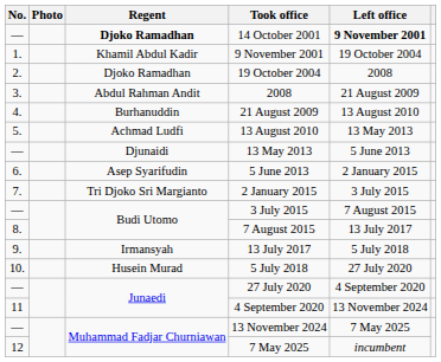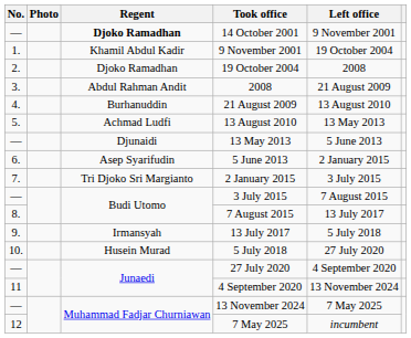 <table class="wikitable" style="text-align:center">
 <tr>
 <th>No.</th>
 <th>Photo</th>
 <th>Regent</th>
 <th>Took office</th>
 <th>Left office</th>
 <th></th>
 </tr>
 <tr>
 <td>—</td>
 <td></td>
 <td><strong>Djoko Ramadhan</strong></td>
 <td>14 October 2001</td>
-<td><strong>9 November 2001</strong></td>
+<td>9 November 2001</td>
 <td></td>
 </tr>
 <tr>
 <td>1.</td>
 <td></td>
 <td>Khamil Abdul Kadir</td>
 <td>9 November 2001</td>
 <td>19 October 2004</td>
 <td></td>
 </tr>
 <tr>
 <td>2.</td>
 <td></td>
 <td>Djoko Ramadhan</td>
 <td>19 October 2004</td>
 <td>2008</td>
 <td></td>
 </tr>
 <tr>
 <td>3.</td>
 <td></td>
 <td>Abdul Rahman Andit</td>
 <td>2008</td>
 <td>21 August 2009</td>
 <td></td>
 </tr>
 <tr>
 <td>4.</td>
 <td></td>
 <td>Burhanuddin</td>
 <td>21 August 2009</td>
 <td>13 August 2010</td>
 <td></td>
 </tr>
 <tr>
 <td>5.</td>
 <td></td>
 <td>Achmad Ludfi</td>
 <td>13 August 2010</td>
 <td>13 May 2013</td>
 <td></td>
 </tr>
 <tr>
 <td>—</td>
 <td></td>
 <td>Djunaidi</td>
 <td>13 May 2013</td>
 <td>5 June 2013</td>
 <td></td>
 </tr>
 <tr>
 <td>6.</td>
 <td></td>
 <td>Asep Syarifudin</td>
 <td>5 June 2013</td>
 <td>2 January 2015</td>
 <td></td>
 </tr>
 <tr>
 <td>7.</td>
 <td></td>
 <td>Tri Djoko Sri Margianto</td>
 <td>2 January 2015</td>
 <td>3 July 2015</td>
 <td></td>
 </tr>
 <tr>
 <td>—</td>
 <td rowspan="2"></td>
 <td rowspan="2">Budi Utomo</td>
 <td>3 July 2015</td>
 <td>7 August 2015</td>
 <td></td>
 </tr>
 <tr>
 <td>8.</td>
 <td>7 August 2015</td>
 <td>13 July 2017</td>
 <td></td>
 </tr>
 <tr>
 <td>9.</td>
 <td></td>
 <td>Irmansyah</td>
 <td>13 July 2017</td>
 <td>5 July 2018</td>
 <td></td>
 </tr>
 <tr>
 <td>10.</td>
 <td></td>
 <td>Husein Murad</td>
 <td>5 July 2018</td>
 <td>27 July 2020</td>
 <td></td>
 </tr>
 <tr>
 <td>—</td>
 <td rowspan="2"></td>
 <td rowspan="2"><a href='#'>Junaedi</a></td>
 <td>27 July 2020</td>
 <td>4 September 2020</td>
 <td></td>
 </tr>
 <tr>
 <td>11</td>
 <td>4 September 2020</td>
 <td>13 November 2024</td>
 <td></td>
 </tr>
 <tr>
 <td>—</td>
 <td rowspan="2"></td>
 <td rowspan="2"><a href='#'>Muhammad Fadjar Churniawan</a></td>
 <td>13 November 2024</td>
 <td>7 May 2025</td>
 <td rowspan="2"></td>
 </tr>
 <tr>
 <td>12</td>
 <td>7 May 2025</td>
 <td><em>incumbent</em></td>
 </tr>
 </table>
